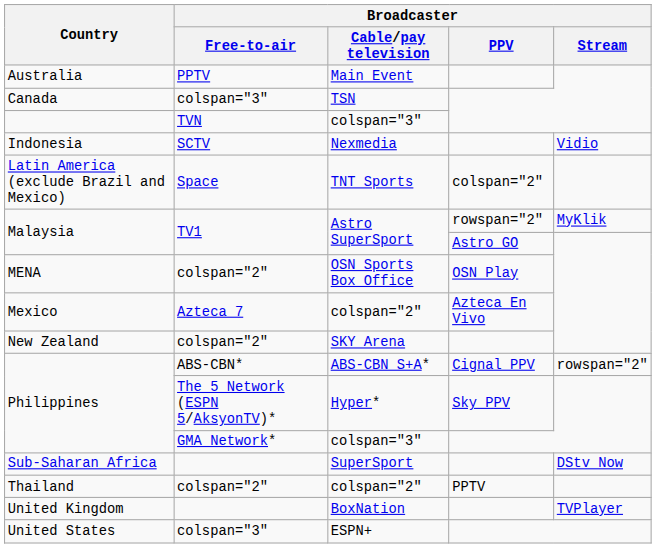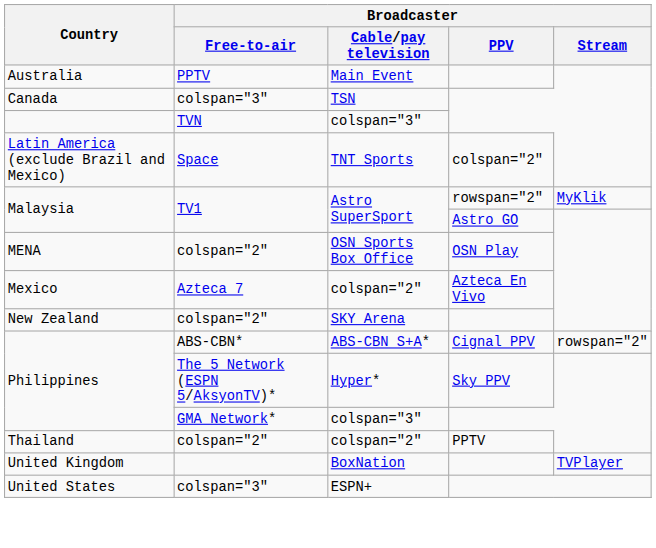 <table class="wikitable">
 <tr>
 <th rowspan="2" style="text-align:center;">Country</th>
 <th colspan="4" style="text-align:center;">Broadcaster</th>
 </tr>
 <tr>
 <th align=center><a href='#'>Free-to-air</a></th>
 <th align=center><a href='#'>Cable</a>/<a href='#'>pay television</a></th>
 <th align=center><a href='#'>PPV</a></th>
 <th align=center><a href='#'>Stream</a></th>
 </tr>
 <tr>
 <td> Australia</td>
 <td><a href='#'>PPTV</a></td>
 <td><a href='#'>Main Event</a></td>
 <td></td>
 </tr>
 <tr>
 <td> Canada</td>
 <td>colspan="3" </td>
 <td><a href='#'>TSN</a></td>
 </tr>
 <tr>
 <td></td>
 <td><a href='#'>TVN</a></td>
 <td>colspan="3" </td>
-</tr>
-<tr>
-<td> Indonesia</td>
-<td><a href='#'>SCTV</a></td>
-<td><a href='#'>Nexmedia</a></td>
-<td></td>
-<td><a href='#'>Vidio</a></td>
 </tr>
 <tr>
 <td><a href='#'>Latin America</a> (exclude Brazil and Mexico)</td>
 <td><a href='#'>Space</a></td>
 <td><a href='#'>TNT Sports</a></td>
 <td>colspan="2" </td>
 </tr>
 <tr>
 <td rowspan="2"> Malaysia</td>
 <td rowspan="2"><a href='#'>TV1</a></td>
 <td rowspan="2"><a href='#'>Astro SuperSport</a></td>
 <td>rowspan="2" </td>
 <td><a href='#'>MyKlik</a></td>
 </tr>
 <tr>
 <td><a href='#'>Astro GO</a></td>
 </tr>
 <tr>
 <td> MENA</td>
 <td>colspan="2" </td>
 <td><a href='#'>OSN Sports Box Office</a></td>
 <td><a href='#'>OSN Play</a></td>
 </tr>
 <tr>
 <td> Mexico</td>
 <td><a href='#'>Azteca 7</a></td>
 <td>colspan="2" </td>
 <td><a href='#'>Azteca En Vivo</a></td>
 </tr>
 <tr>
 <td> New Zealand</td>
 <td>colspan="2" </td>
 <td><a href='#'>SKY Arena</a></td>
 <td></td>
 </tr>
 <tr>
 <td rowspan="3"> Philippines</td>
 <td>ABS-CBN*</td>
 <td><a href='#'>ABS-CBN S+A</a>*</td>
 <td><a href='#'>Cignal PPV</a></td>
 <td>rowspan="2" </td>
 </tr>
 <tr>
 <td><a href='#'>The 5 Network</a> (<a href='#'>ESPN 5</a>/<a href='#'>AksyonTV</a>)*</td>
 <td><a href='#'>Hyper</a>*</td>
 <td><a href='#'>Sky PPV</a></td>
 </tr>
 <tr>
 <td><a href='#'>GMA Network</a>*</td>
 <td>colspan="3" </td>
 </tr>
 <tr>
-<td><a href='#'>Sub-Saharan Africa</a></td>
-<td></td>
-<td><a href='#'>SuperSport</a></td>
-<td></td>
-<td><a href='#'>DStv Now</a></td>
-</tr>
-<tr>
 <td> Thailand</td>
 <td>colspan="2" </td>
 <td>colspan="2" </td>
 <td>PPTV</td>
 </tr>
 <tr>
 <td> United Kingdom</td>
 <td></td>
 <td><a href='#'>BoxNation</a></td>
 <td></td>
 <td><a href='#'>TVPlayer</a></td>
 </tr>
 <tr>
 <td> United States</td>
 <td>colspan="3" </td>
 <td>ESPN+</td>
 </tr>
 </table>
